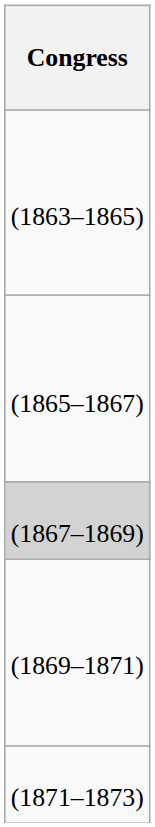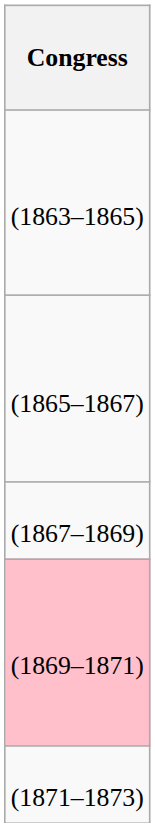 <table class="wikitable" style="float:left; margin:0; margin-right:-0.5px; margin-top:14px; text-align:center;">
 <tr style="white-space:nowrap; height:4.06em;">
 <th>Congress</th>
 </tr>
 <tr style="white-space:nowrap; height:7.22em;">
 <td><strong></strong><br>(1863–1865)</td>
 </tr>
 <tr style="white-space:nowrap; height:7.22em">
 <td><strong></strong><br>(1865–1867)</td>
 </tr>
 <tr style="white-space:nowrap; height:3em">
-<td style="background: lightgrey;"><strong></strong><br>(1867–1869)</td>
+<td><strong></strong><br>(1867–1869)</td>
 </tr>
 <tr style="white-space:nowrap; height:7.22em">
-<td><strong></strong><br>(1869–1871)</td>
+<td style="background: pink;"><strong></strong><br>(1869–1871)</td>
 </tr>
 <tr style="white-space:nowrap; height:3em">
 <td><strong></strong><br>(1871–1873)</td>
 </tr>
 </table>
